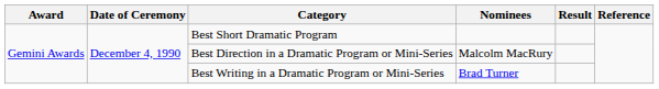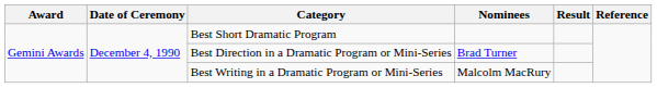 <table class="wikitable">
 <tr>
 <th>Award</th>
 <th>Date of Ceremony</th>
 <th>Category</th>
 <th>Nominees</th>
 <th>Result</th>
 <th>Reference</th>
 </tr>
 <tr>
 <td rowspan="3"><a href='#'>Gemini Awards</a></td>
 <td rowspan="3"><a href='#'>December 4, 1990</a></td>
 <td>Best Short Dramatic Program</td>
 <td></td>
 <td></td>
 <td rowspan=3></td>
 </tr>
 <tr>
 <td>Best Direction in a Dramatic Program or Mini-Series</td>
-<td>Malcolm MacRury</td>
+<td><a href='#'>Brad Turner</a></td>
 <td></td>
 </tr>
 <tr>
 <td>Best Writing in a Dramatic Program or Mini-Series</td>
-<td><a href='#'>Brad Turner</a></td>
+<td>Malcolm MacRury</td>
 <td></td>
 </tr>
 </table>
